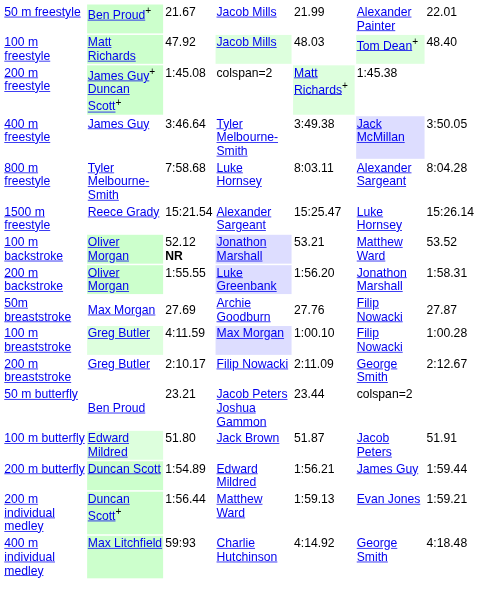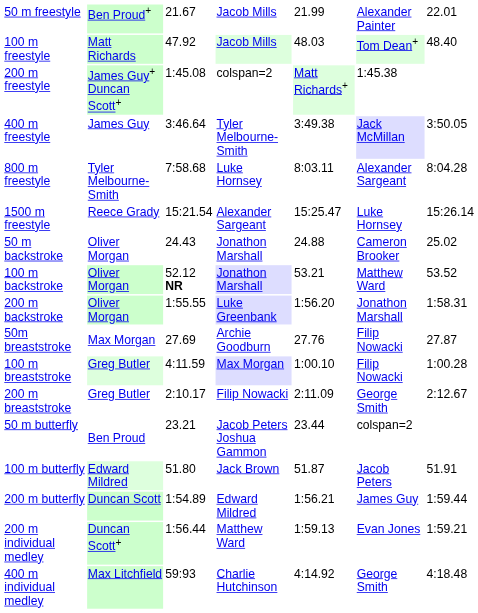 <table>
 <tr valign="top">
 <td><a href='#'>50 m freestyle</a></td>
 <td bgcolor=ccffcc><a href='#'>Ben Proud</a><sup>+</sup></td>
 <td>21.67</td>
 <td><a href='#'>Jacob Mills</a></td>
 <td>21.99</td>
 <td><a href='#'>Alexander Painter</a></td>
 <td>22.01</td>
 </tr>
 <tr valign="top">
 <td><a href='#'>100 m freestyle</a></td>
 <td bgcolor=ccffcc><a href='#'>Matt Richards</a></td>
 <td>47.92</td>
 <td bgcolor=ddffdd><a href='#'>Jacob Mills</a></td>
 <td>48.03</td>
 <td bgcolor=ddffdd><a href='#'>Tom Dean</a><sup>+</sup></td>
 <td>48.40</td>
 </tr>
 <tr valign="top">
 <td><a href='#'>200 m freestyle</a></td>
 <td bgcolor=ccffcc><a href='#'>James Guy</a><sup>+</sup><br><a href='#'>Duncan Scott</a><sup>+</sup></td>
 <td>1:45.08</td>
 <td>colspan=2 </td>
 <td bgcolor=ddffdd><a href='#'>Matt Richards</a><sup>+</sup></td>
 <td>1:45.38</td>
 </tr>
 <tr valign="top">
 <td><a href='#'>400 m freestyle</a></td>
 <td><a href='#'>James Guy</a></td>
 <td>3:46.64</td>
 <td><a href='#'>Tyler Melbourne-Smith</a></td>
 <td>3:49.38</td>
 <td bgcolor=ddddff><a href='#'>Jack McMillan</a></td>
 <td>3:50.05</td>
 </tr>
 <tr valign="top">
 <td><a href='#'>800 m freestyle</a></td>
 <td><a href='#'>Tyler Melbourne-Smith</a></td>
 <td>7:58.68</td>
 <td><a href='#'>Luke Hornsey</a></td>
 <td>8:03.11</td>
 <td><a href='#'>Alexander Sargeant</a></td>
 <td>8:04.28</td>
 </tr>
 <tr valign="top">
 <td><a href='#'>1500 m freestyle</a></td>
 <td><a href='#'>Reece Grady</a></td>
 <td>15:21.54</td>
 <td><a href='#'>Alexander Sargeant</a></td>
 <td>15:25.47</td>
 <td><a href='#'>Luke Hornsey</a></td>
 <td>15:26.14</td>
+</tr>
+<tr valign="top">
+<td><a href='#'>50 m backstroke</a></td>
+<td><a href='#'>Oliver Morgan</a></td>
+<td>24.43</td>
+<td><a href='#'>Jonathon Marshall</a></td>
+<td>24.88</td>
+<td><a href='#'>Cameron Brooker</a></td>
+<td>25.02</td>
 </tr>
 <tr valign="top">
 <td><a href='#'>100 m backstroke</a></td>
 <td bgcolor=ccffcc><a href='#'>Oliver Morgan</a></td>
 <td>52.12 <strong>NR</strong></td>
 <td bgcolor=ddddff><a href='#'>Jonathon Marshall</a></td>
 <td>53.21</td>
 <td><a href='#'>Matthew Ward</a></td>
 <td>53.52</td>
 </tr>
 <tr valign="top">
 <td><a href='#'>200 m backstroke</a></td>
 <td bgcolor=ccffcc><a href='#'>Oliver Morgan</a></td>
 <td>1:55.55</td>
 <td bgcolor=ddddff><a href='#'>Luke Greenbank</a></td>
 <td>1:56.20</td>
 <td><a href='#'>Jonathon Marshall</a></td>
 <td>1:58.31</td>
 </tr>
 <tr>
 <td><a href='#'>50m breaststroke</a></td>
 <td><a href='#'>Max Morgan</a></td>
 <td>27.69</td>
 <td><a href='#'>Archie Goodburn</a></td>
 <td>27.76</td>
 <td><a href='#'>Filip Nowacki</a></td>
 <td>27.87</td>
 </tr>
 <tr valign="top">
 <td><a href='#'>100 m breaststroke</a></td>
 <td bgcolor=ddffdd><a href='#'>Greg Butler</a></td>
 <td>4:11.59</td>
 <td bgcolor=ddddff><a href='#'>Max Morgan</a></td>
 <td>1:00.10</td>
 <td><a href='#'>Filip Nowacki</a></td>
 <td>1:00.28</td>
 </tr>
 <tr valign="top">
 <td><a href='#'>200 m breaststroke</a></td>
 <td><a href='#'>Greg Butler</a></td>
 <td>2:10.17</td>
 <td><a href='#'>Filip Nowacki</a></td>
 <td>2:11.09</td>
 <td><a href='#'>George Smith</a></td>
 <td>2:12.67</td>
 </tr>
 <tr valign="top">
 <td><a href='#'>50 m butterfly</a></td>
 <td valign=middle><a href='#'>Ben Proud</a></td>
 <td>23.21</td>
 <td><a href='#'>Jacob Peters</a><br><a href='#'>Joshua Gammon</a></td>
 <td>23.44</td>
 <td>colspan=2 </td>
 </tr>
 <tr valign="top">
 <td><a href='#'>100 m butterfly</a></td>
 <td bgcolor=ddffdd><a href='#'>Edward Mildred</a></td>
 <td>51.80</td>
 <td><a href='#'>Jack Brown</a></td>
 <td>51.87</td>
 <td><a href='#'>Jacob Peters</a></td>
 <td>51.91</td>
 </tr>
 <tr valign="top">
 <td><a href='#'>200 m butterfly</a></td>
 <td bgcolor=ccffcc><a href='#'>Duncan Scott</a></td>
 <td>1:54.89</td>
 <td><a href='#'>Edward Mildred</a></td>
 <td>1:56.21</td>
 <td><a href='#'>James Guy</a></td>
 <td>1:59.44</td>
 </tr>
 <tr valign="top">
 <td><a href='#'>200 m individual medley</a></td>
 <td bgcolor=ccffcc><a href='#'>Duncan Scott</a><sup>+</sup></td>
 <td>1:56.44</td>
 <td><a href='#'>Matthew Ward</a></td>
 <td>1:59.13</td>
 <td><a href='#'>Evan Jones</a></td>
 <td>1:59.21</td>
 </tr>
 <tr valign="top">
 <td><a href='#'>400 m individual medley</a></td>
 <td bgcolor=ccffcc><a href='#'>Max Litchfield</a></td>
 <td>59:93</td>
 <td><a href='#'>Charlie Hutchinson</a></td>
 <td>4:14.92</td>
 <td><a href='#'>George Smith</a></td>
 <td>4:18.48</td>
 </tr>
 </table>
